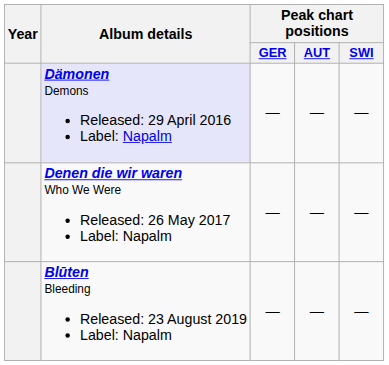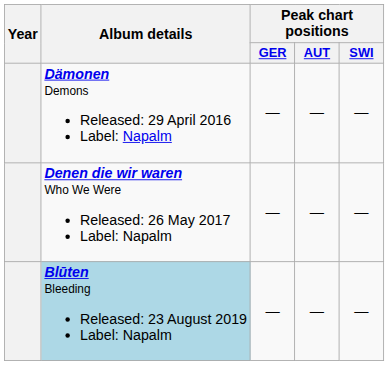 <table class="wikitable plainrowheaders sortable"  style="text-align:center;">
 <tr>
 <th rowspan="2">Year</th>
 <th rowspan="2">Album details</th>
 <th class="unsortable" colspan="3">Peak chart positions</th>
 </tr>
 <tr>
 <th style="width:3em;font-size:90%;" data-sort-type="number"><a href='#'>GER</a></th>
 <th style="width:3em;font-size:90%;" data-sort-type="number"><a href='#'>AUT</a></th>
 <th style="width:3em;font-size:90%;" data-sort-type="number"><a href='#'>SWI</a></th>
 </tr>
 <tr>
 <th></th>
-<td align=left style="background: lavender;"><strong><em><a href='#'>Dämonen</a></em></strong> <small><br>Demons</small><br><ul><li>Released: 29 April 2016</li><li>Label: <a href='#'>Napalm</a></li></ul></td>
+<td align=left><strong><em><a href='#'>Dämonen</a></em></strong> <small><br>Demons</small><br><ul><li>Released: 29 April 2016</li><li>Label: <a href='#'>Napalm</a></li></ul></td>
 <td>—</td>
 <td>—</td>
 <td>—</td>
 </tr>
 <tr>
 <th></th>
 <td align=left><strong><em><a href='#'>Denen die wir waren</a></em></strong> <small><br>Who We Were</small><br><ul><li>Released: 26 May 2017</li><li>Label: Napalm</li></ul></td>
 <td>—</td>
 <td>—</td>
 <td>—</td>
 </tr>
 <tr>
 <th></th>
-<td align=left><strong><em><a href='#'>Blūten</a></em></strong> <small><br>Bleeding</small><br><ul><li>Released: 23 August 2019</li><li>Label: Napalm</li></ul></td>
+<td align=left style="background: lightblue;"><strong><em><a href='#'>Blūten</a></em></strong> <small><br>Bleeding</small><br><ul><li>Released: 23 August 2019</li><li>Label: Napalm</li></ul></td>
 <td>—</td>
 <td>—</td>
 <td>—</td>
 </tr>
 </table>
